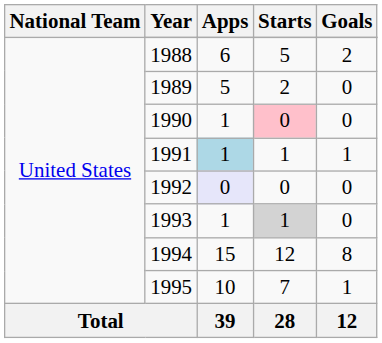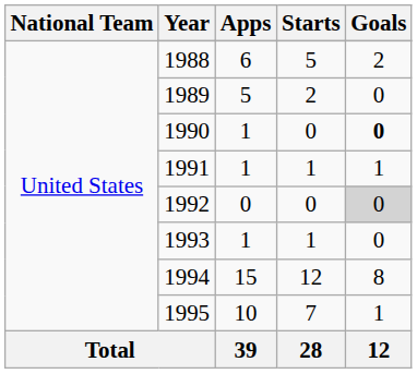 <table class="wikitable" style="text-align:center">
 <tr>
 <th>National Team</th>
 <th>Year</th>
 <th>Apps</th>
 <th>Starts</th>
 <th>Goals</th>
 </tr>
 <tr>
 <td rowspan="9"><a href='#'>United States</a></td>
 </tr>
 <tr>
 <td>1988</td>
 <td>6</td>
 <td>5</td>
 <td>2</td>
 </tr>
 <tr>
 <td>1989</td>
 <td>5</td>
 <td>2</td>
 <td>0</td>
 </tr>
 <tr>
 <td>1990</td>
 <td>1</td>
-<td style="background: pink;">0</td>
 <td>0</td>
+<td><strong>0</strong></td>
 </tr>
 <tr>
 <td>1991</td>
-<td style="background: lightblue;">1</td>
+<td>1</td>
 <td>1</td>
 <td>1</td>
 </tr>
 <tr>
 <td>1992</td>
-<td style="background: lavender;">0</td>
 <td>0</td>
 <td>0</td>
+<td style="background: lightgrey;">0</td>
 </tr>
 <tr>
 <td>1993</td>
 <td>1</td>
-<td style="background: lightgrey;">1</td>
+<td>1</td>
 <td>0</td>
 </tr>
 <tr>
 <td>1994</td>
 <td>15</td>
 <td>12</td>
 <td>8</td>
 </tr>
 <tr>
 <td>1995</td>
 <td>10</td>
 <td>7</td>
 <td>1</td>
 </tr>
 <tr>
 <th colspan=2>Total</th>
 <th>39</th>
 <th>28</th>
 <th>12</th>
 </tr>
 </table>
